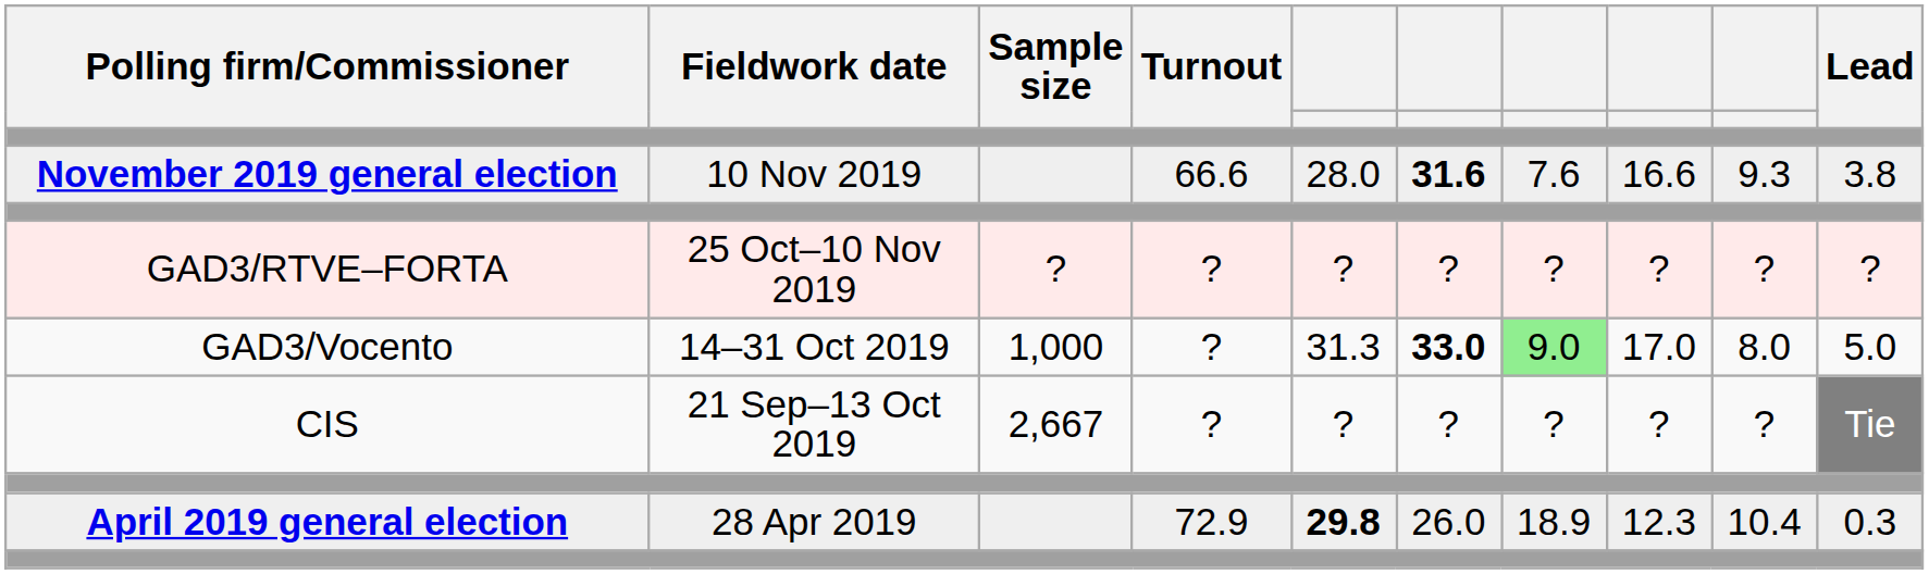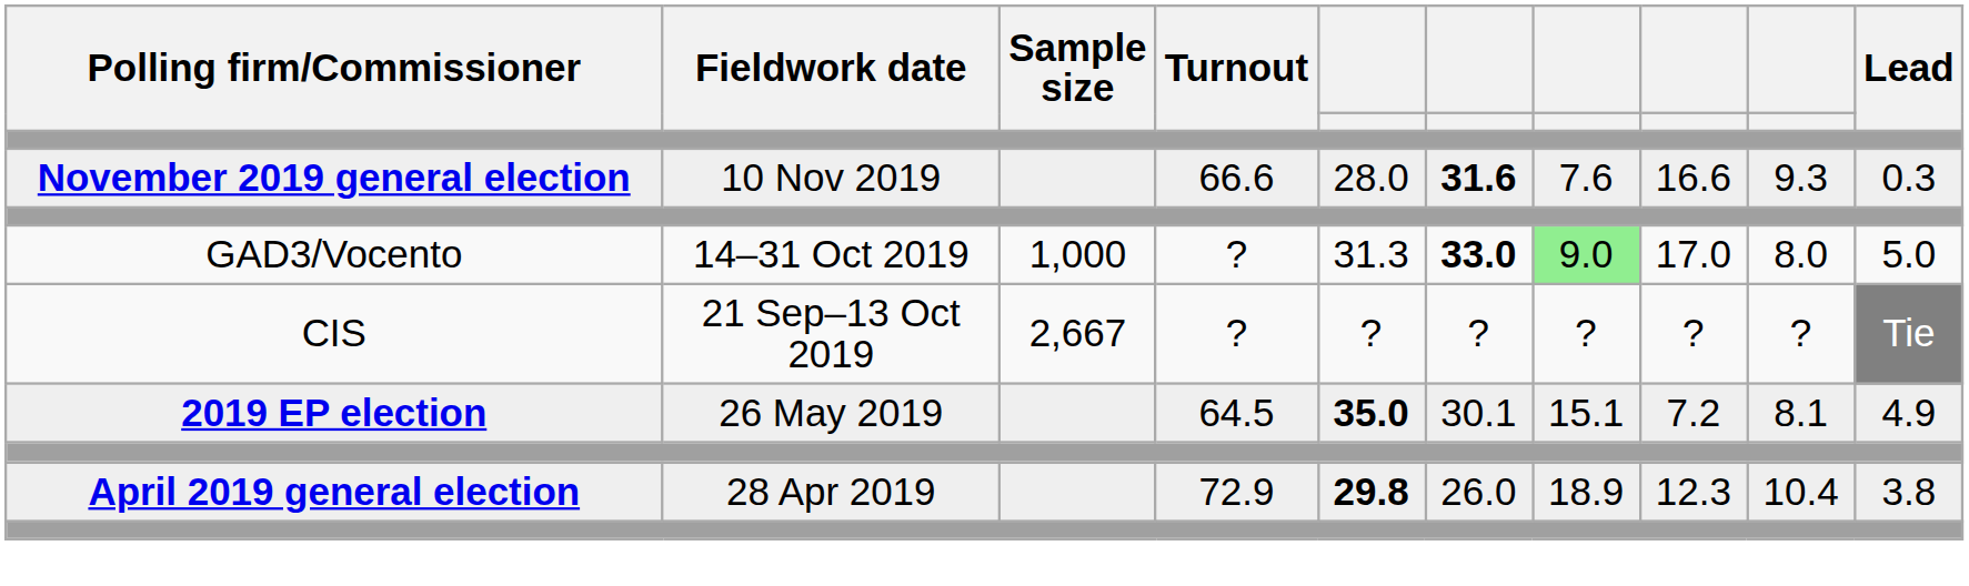 <table class="wikitable collapsible collapsed" style="text-align:center; font-size:95%; line-height:16px;">
 <tr style="height:42px;">
 <th style="width:250px;" rowspan="2">Polling firm/Commissioner</th>
 <th style="width:125px;" rowspan="2">Fieldwork date</th>
 <th style="width:50px;" rowspan="2">Sample size</th>
 <th style="width:45px;" rowspan="2">Turnout</th>
 <th style="width:35px;"></th>
 <th style="width:35px;"></th>
 <th style="width:35px;"></th>
 <th style="width:35px;"></th>
 <th style="width:35px;"></th>
 <th style="width:30px;" rowspan="2">Lead</th>
 </tr>
 <tr>
 <th style="color:inherit;background:"></th>
 <th style="color:inherit;background:"></th>
 <th style="color:inherit;background:"></th>
 <th style="color:inherit;background:"></th>
 <th style="color:inherit;background:"></th>
 </tr>
 <tr>
 <td colspan="10" style="background:#A0A0A0"></td>
 </tr>
 <tr style="background:#EFEFEF;">
 <td><strong><a href='#'>November 2019 general election</a></strong></td>
 <td>10 Nov 2019</td>
 <td></td>
 <td>66.6</td>
 <td>28.0<br></td>
 <td><strong>31.6</strong><br></td>
 <td>7.6<br></td>
 <td>16.6<br></td>
 <td>9.3<br></td>
-<td style="background:">3.8</td>
+<td style="background:">0.3</td>
 </tr>
 <tr>
 <td colspan="10" style="background:#A0A0A0"></td>
-</tr>
-<tr style="background:#FFEAEA;">
-<td>GAD3/RTVE–FORTA</td>
-<td>25 Oct–10 Nov 2019</td>
-<td>?</td>
-<td>?</td>
-<td>?<br></td>
-<td>?<br></td>
-<td>?<br></td>
-<td>?<br></td>
-<td>?<br></td>
-<td style="background:">?</td>
 </tr>
 <tr>
 <td>GAD3/Vocento</td>
 <td>14–31 Oct 2019</td>
 <td>1,000</td>
 <td>?</td>
 <td>31.3<br></td>
 <td><strong>33.0</strong><br></td>
 <td style="background: lightgreen;">9.0<br></td>
 <td>17.0<br></td>
 <td>8.0<br></td>
 <td style="background:">5.0</td>
 </tr>
 <tr>
 <td>CIS</td>
 <td>21 Sep–13 Oct 2019</td>
 <td>2,667</td>
 <td>?</td>
 <td>?<br></td>
 <td>?<br></td>
 <td>?<br></td>
 <td>?<br></td>
 <td>?<br></td>
 <td style="background:gray;color:white;">Tie</td>
 </tr>
+<tr style="background:#EFEFEF;">
+<td><strong><a href='#'>2019 EP election</a></strong></td>
+<td>26 May 2019</td>
+<td></td>
+<td>64.5</td>
+<td><strong>35.0</strong><br></td>
+<td>30.1<br></td>
+<td>15.1<br></td>
+<td>7.2<br></td>
+<td>8.1<br></td>
+<td style="background:">4.9</td>
+</tr>
 <tr>
 <td colspan="10" style="background:#A0A0A0"></td>
 </tr>
 <tr style="background:#EFEFEF;">
 <td><strong><a href='#'>April 2019 general election</a></strong></td>
 <td>28 Apr 2019</td>
 <td></td>
 <td>72.9</td>
 <td><strong>29.8</strong><br></td>
 <td>26.0<br></td>
 <td>18.9<br></td>
 <td>12.3<br></td>
 <td>10.4<br></td>
-<td style="background:">0.3</td>
+<td style="background:">3.8</td>
 </tr>
 <tr>
 <td colspan="10" style="background:#A0A0A0"></td>
 </tr>
 </table>
